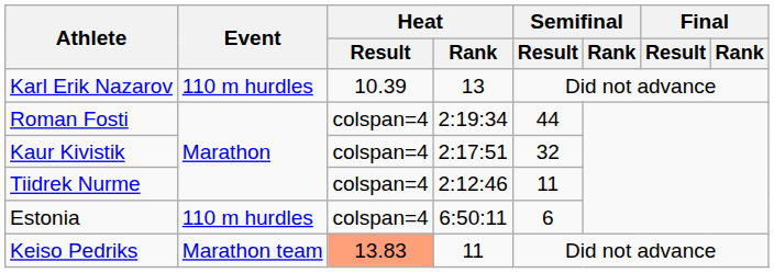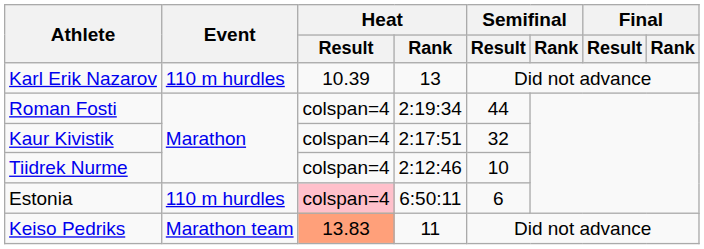 <table class="wikitable" style="font-size:90%">
 <tr>
 <th rowspan="2">Athlete</th>
 <th rowspan="2">Event</th>
 <th colspan="2">Heat</th>
 <th colspan="2">Semifinal</th>
 <th colspan="2">Final</th>
 </tr>
 <tr style="font-size:95%">
 <th>Result</th>
 <th>Rank</th>
 <th>Result</th>
 <th>Rank</th>
 <th>Result</th>
 <th>Rank</th>
 </tr>
 <tr align=center>
 <td align=left><a href='#'>Karl Erik Nazarov</a></td>
 <td align=left><a href='#'>110 m hurdles</a></td>
 <td>10.39</td>
 <td>13</td>
 <td align=center colspan=4>Did not advance</td>
 </tr>
 <tr align=center>
 <td align=left><a href='#'>Roman Fosti</a></td>
 <td align=left rowspan=3><a href='#'>Marathon</a></td>
 <td>colspan=4 </td>
 <td>2:19:34</td>
 <td>44</td>
 </tr>
 <tr align=center>
 <td align=left><a href='#'>Kaur Kivistik</a></td>
 <td>colspan=4 </td>
 <td>2:17:51</td>
 <td>32</td>
 </tr>
 <tr align=center>
 <td align=left><a href='#'>Tiidrek Nurme</a></td>
 <td>colspan=4 </td>
 <td>2:12:46</td>
-<td>11</td>
+<td>10</td>
 </tr>
 <tr align=center>
 <td align=left>Estonia</td>
 <td align=left><a href='#'>110 m hurdles</a></td>
-<td>colspan=4 </td>
+<td style="background: pink;">colspan=4 </td>
 <td>6:50:11</td>
 <td>6</td>
 </tr>
 <tr align=center>
 <td align=left><a href='#'>Keiso Pedriks</a></td>
 <td align=left><a href='#'>Marathon team</a></td>
 <td style="background: lightsalmon;">13.83</td>
 <td>11</td>
 <td align=center colspan=4>Did not advance</td>
 </tr>
 </table>
